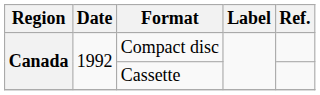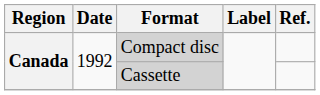 <table class="wikitable plainrowheaders">
 <tr>
 <th scope="col">Region</th>
 <th scope="col">Date</th>
 <th scope="col">Format</th>
 <th scope="col">Label</th>
 <th scope="col">Ref.</th>
 </tr>
 <tr>
 <th scope="row" rowspan="2">Canada</th>
 <td rowspan="2">1992</td>
-<td>Compact disc</td>
+<td style="background: lightgrey;">Compact disc</td>
 <td rowspan="2"></td>
 <td></td>
 </tr>
 <tr>
-<td>Cassette</td>
+<td style="background: lightgrey;">Cassette</td>
 <td></td>
 </tr>
 <tr>
 </tr>
 </table>
